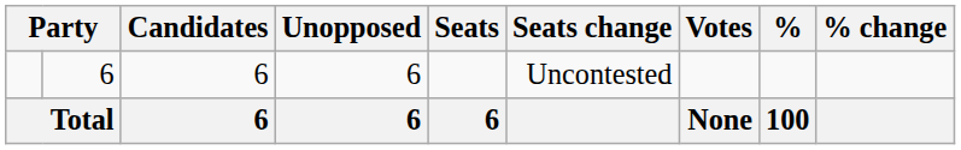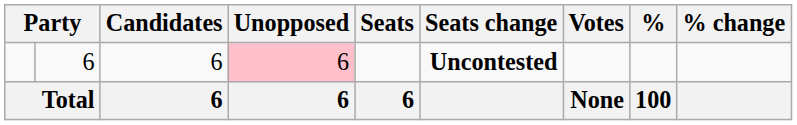 <table class="wikitable">
 <tr>
 <th colspan=2>Party</th>
 <th>Candidates</th>
 <th>Unopposed</th>
 <th>Seats</th>
 <th>Seats change</th>
 <th>Votes</th>
 <th>%</th>
 <th>% change</th>
 </tr>
 <tr>
 <td></td>
 <td align=right>6</td>
 <td align=right>6</td>
-<td align=right>6</td>
+<td align=right style="background: pink;">6</td>
 <td align=right></td>
-<td align=right>Uncontested</td>
+<td align=right><strong>Uncontested</strong></td>
 <td align=right></td>
 <td align=right></td>
 </tr>
 <tr class="sortbottom" style="font-weight: bold; text-align: right; background: #f2f2f2;">
 <th colspan="2" style="padding-left: 1.5em; text-align: left;">Total</th>
 <td align=right>6</td>
 <td align=right>6</td>
 <td align=right>6</td>
 <td align=right></td>
 <td align=right>None</td>
 <td align=right>100</td>
 <td align=right></td>
 </tr>
 </table>
